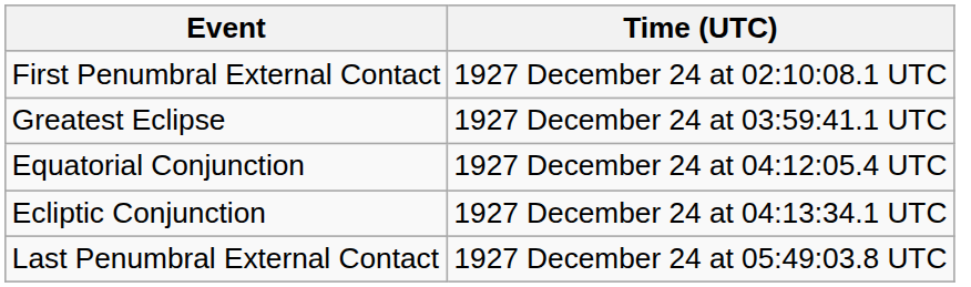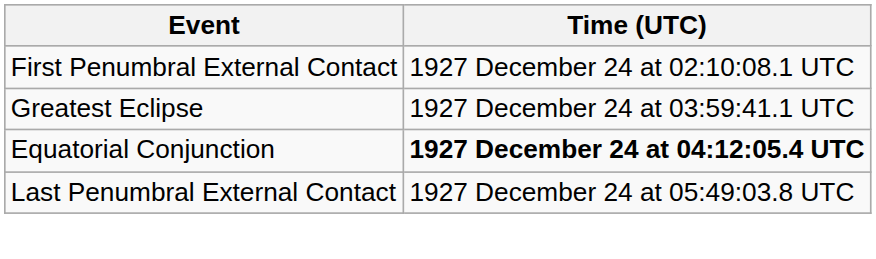 <table class="wikitable">
 <tr>
 <th>Event</th>
 <th>Time (UTC)</th>
 </tr>
 <tr>
 <td>First Penumbral External Contact</td>
 <td>1927 December 24 at 02:10:08.1 UTC</td>
 </tr>
 <tr>
 <td>Greatest Eclipse</td>
 <td>1927 December 24 at 03:59:41.1 UTC</td>
 </tr>
 <tr>
 <td>Equatorial Conjunction</td>
-<td>1927 December 24 at 04:12:05.4 UTC</td>
-</tr>
-<tr>
-<td>Ecliptic Conjunction</td>
-<td>1927 December 24 at 04:13:34.1 UTC</td>
+<td><strong>1927 December 24 at 04:12:05.4 UTC</strong></td>
 </tr>
 <tr>
 <td>Last Penumbral External Contact</td>
 <td>1927 December 24 at 05:49:03.8 UTC</td>
 </tr>
 </table>
